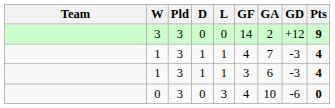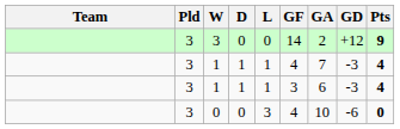 <table class="wikitable" style="text-align: center;">
 <tr>
 <th style="width:175px;">Team</th>
+<th width="20">Pld</th>
 <th width="20">W</th>
-<th width="20">Pld</th>
 <th width="20">D</th>
 <th width="20">L</th>
 <th width="20">GF</th>
 <th width="20">GA</th>
 <th width="20">GD</th>
 <th width="20">Pts</th>
 </tr>
 <tr style="background:#cfc;">
 <td style="text-align:left;"></td>
 <td>3</td>
 <td>3</td>
 <td>0</td>
 <td>0</td>
 <td>14</td>
 <td>2</td>
 <td>+12</td>
 <td><strong>9</strong></td>
 </tr>
 <tr align=center>
 <td style="text-align:left;"></td>
+<td>3</td>
 <td>1</td>
-<td>3</td>
 <td>1</td>
 <td>1</td>
 <td>4</td>
 <td>7</td>
 <td>-3</td>
 <td><strong>4</strong></td>
 </tr>
 <tr align=center>
 <td style="text-align:left;"></td>
+<td>3</td>
 <td>1</td>
-<td>3</td>
 <td>1</td>
 <td>1</td>
 <td>3</td>
 <td>6</td>
 <td>-3</td>
 <td><strong>4</strong></td>
 </tr>
 <tr align=center>
 <td style="text-align:left;"></td>
+<td>3</td>
 <td>0</td>
-<td>3</td>
 <td>0</td>
 <td>3</td>
 <td>4</td>
 <td>10</td>
 <td>-6</td>
 <td><strong>0</strong></td>
 </tr>
 </table>
